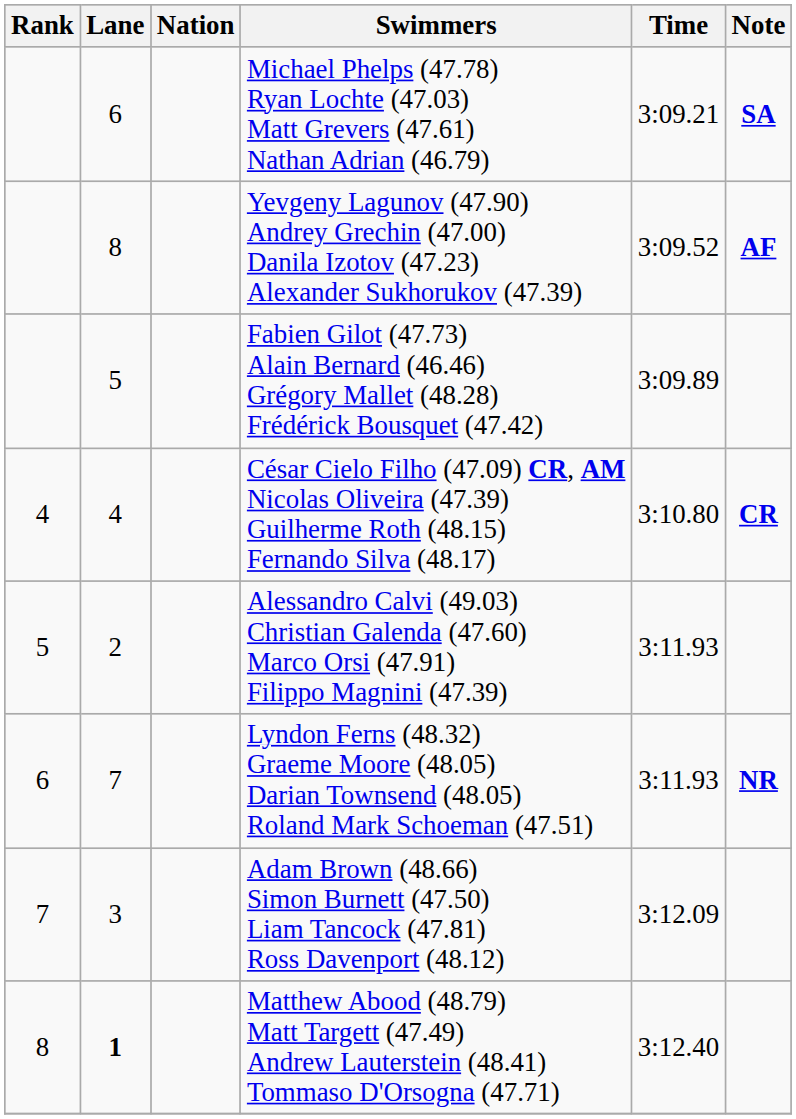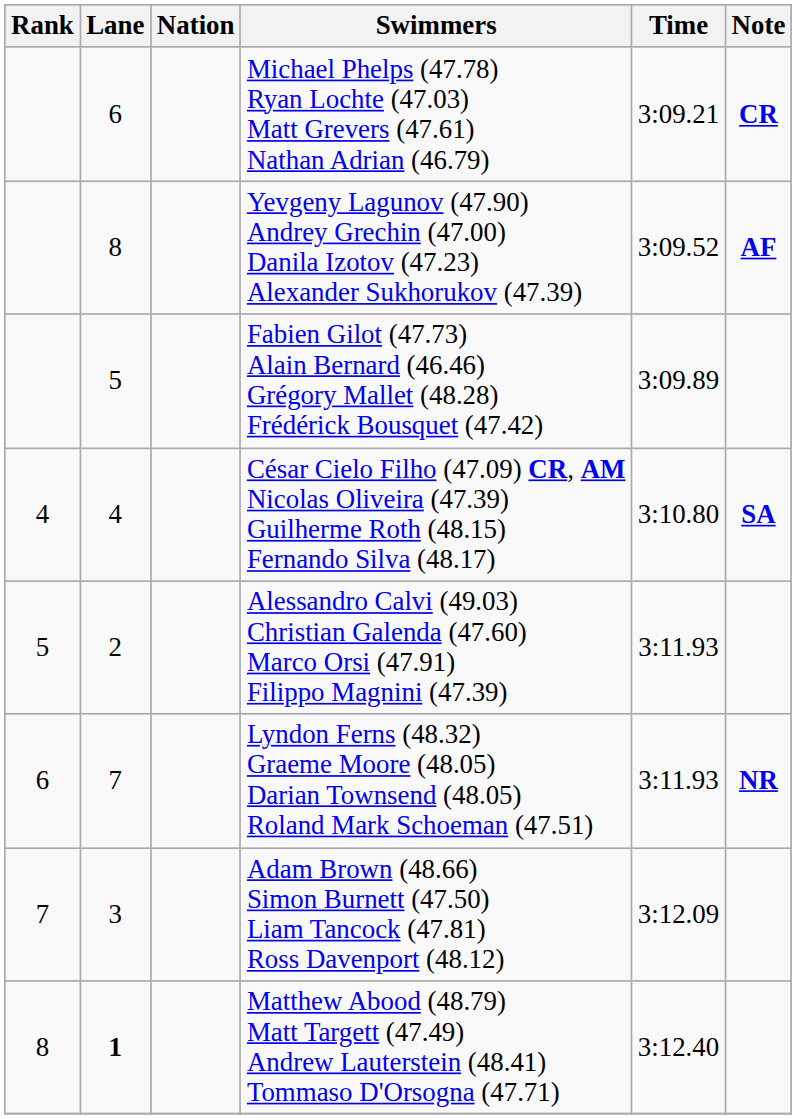 <table class="wikitable sortable" style="text-align:center">
 <tr>
 <th>Rank</th>
 <th>Lane</th>
 <th>Nation</th>
 <th>Swimmers</th>
 <th>Time</th>
 <th>Note</th>
 </tr>
 <tr>
 <td></td>
 <td>6</td>
 <td align=left></td>
 <td align=left><a href='#'>Michael Phelps</a> (47.78)<br> <a href='#'>Ryan Lochte</a> (47.03)<br> <a href='#'>Matt Grevers</a> (47.61)<br> <a href='#'>Nathan Adrian</a> (46.79)</td>
 <td>3:09.21</td>
-<td><strong><a href='#'>SA</a></strong></td>
+<td><strong><a href='#'>CR</a></strong></td>
 </tr>
 <tr>
 <td></td>
 <td>8</td>
 <td align=left></td>
 <td align=left><a href='#'>Yevgeny Lagunov</a> (47.90)<br> <a href='#'>Andrey Grechin</a> (47.00)<br> <a href='#'>Danila Izotov</a>  (47.23)<br> <a href='#'>Alexander Sukhorukov</a> (47.39)</td>
 <td>3:09.52</td>
 <td><strong><a href='#'>AF</a></strong></td>
 </tr>
 <tr>
 <td></td>
 <td>5</td>
 <td align=left></td>
 <td align=left><a href='#'>Fabien Gilot</a> (47.73)<br> <a href='#'>Alain Bernard</a> (46.46)<br> <a href='#'>Grégory Mallet</a> (48.28)<br> <a href='#'>Frédérick Bousquet</a> (47.42)</td>
 <td>3:09.89</td>
 <td></td>
 </tr>
 <tr>
 <td>4</td>
 <td>4</td>
 <td align=left></td>
 <td align=left><a href='#'>César Cielo Filho</a> (47.09) <strong><a href='#'>CR</a></strong>, <strong><a href='#'>AM</a></strong><br> <a href='#'>Nicolas Oliveira</a> (47.39)<br> <a href='#'>Guilherme Roth</a> (48.15)<br> <a href='#'>Fernando Silva</a> (48.17)</td>
 <td>3:10.80</td>
-<td><strong><a href='#'>CR</a></strong></td>
+<td><strong><a href='#'>SA</a></strong></td>
 </tr>
 <tr>
 <td>5</td>
 <td>2</td>
 <td align=left></td>
 <td align=left><a href='#'>Alessandro Calvi</a> (49.03)<br> <a href='#'>Christian Galenda</a> (47.60)<br> <a href='#'>Marco Orsi</a>  (47.91)<br> <a href='#'>Filippo Magnini</a> (47.39)</td>
 <td>3:11.93</td>
 <td></td>
 </tr>
 <tr>
 <td>6</td>
 <td>7</td>
 <td align=left></td>
 <td align=left><a href='#'>Lyndon Ferns</a> (48.32)<br> <a href='#'>Graeme Moore</a> (48.05)<br> <a href='#'>Darian Townsend</a> (48.05)<br> <a href='#'>Roland Mark Schoeman</a> (47.51)</td>
 <td>3:11.93</td>
 <td><strong><a href='#'>NR</a></strong></td>
 </tr>
 <tr>
 <td>7</td>
 <td>3</td>
 <td align=left></td>
 <td align=left><a href='#'>Adam Brown</a> (48.66)<br> <a href='#'>Simon Burnett</a> (47.50)<br> <a href='#'>Liam Tancock</a> (47.81)<br> <a href='#'>Ross Davenport</a> (48.12)</td>
 <td>3:12.09</td>
 <td></td>
 </tr>
 <tr>
 <td>8</td>
 <td><strong>1</strong></td>
 <td align=left></td>
 <td align=left><a href='#'>Matthew Abood</a> (48.79)<br> <a href='#'>Matt Targett</a> (47.49)<br> <a href='#'>Andrew Lauterstein</a> (48.41)<br> <a href='#'>Tommaso D'Orsogna</a> (47.71)</td>
 <td>3:12.40</td>
 <td></td>
 </tr>
 <tr>
 </tr>
 </table>
